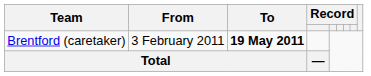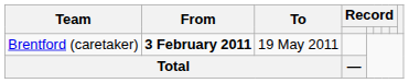 <table class=wikitable style="text-align: center">
 <tr>
 <th rowspan=2>Team</th>
 <th rowspan=2>From</th>
 <th rowspan=2>To</th>
 <th colspan=5>Record</th>
 <th rowspan=2></th>
 </tr>
 <tr>
 <th></th>
 <th></th>
 <th></th>
 <th></th>
 <th></th>
 </tr>
 <tr>
 <td align=left><a href='#'>Brentford</a> (caretaker)</td>
-<td align=left>3 February 2011</td>
-<td align=left><strong>19 May 2011<br></strong></td>
+<td align=left><strong>3 February 2011</strong></td>
+<td align=left>19 May 2011<br></td>
 <td></td>
 </tr>
 <tr>
 <th colspan=3>Total<br></th>
 <th>—</th>
 </tr>
 </table>
